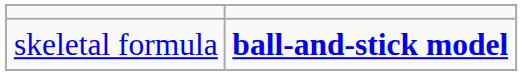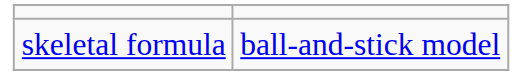 <table class="wikitable" style="margin:1em auto;">
 <tr>
 <td></td>
 <td></td>
 </tr>
 <tr>
 <td style="text-align:center;"><a href='#'>skeletal formula</a></td>
-<td style="text-align:center;"><strong><a href='#'>ball-and-stick model</a></strong></td>
+<td style="text-align:center;"><a href='#'>ball-and-stick model</a></td>
 </tr>
 </table>
